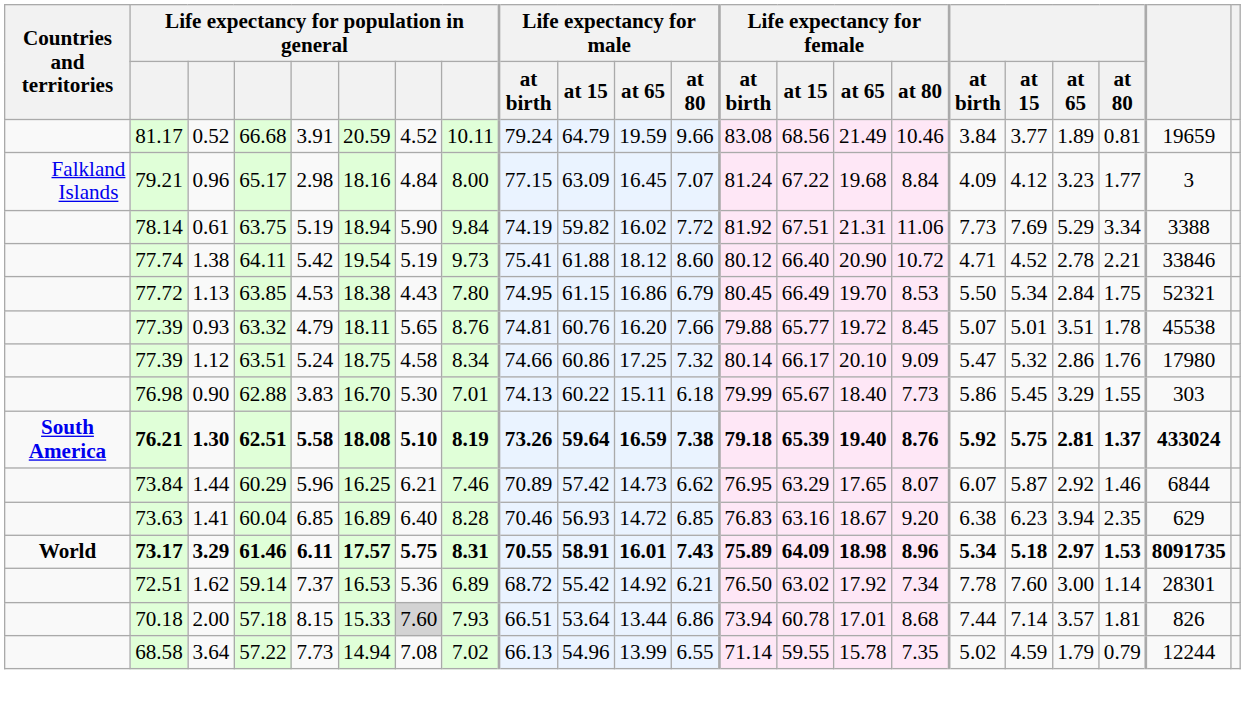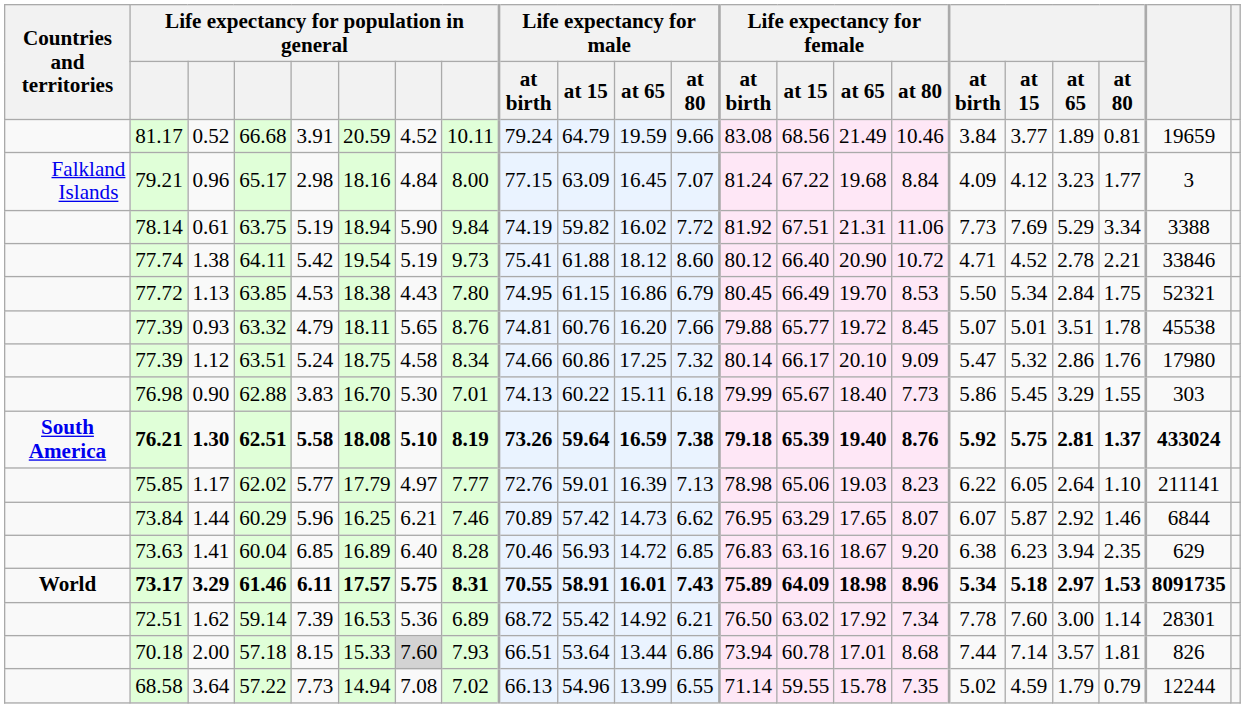 <table class="wikitable sortable mw-datatable static-row-numbers sort-under col1left col21right" style="text-align:center;">
 <tr>
 <th rowspan=2 style="vertical-align:middle;">Countries and<br>territories</th>
 <th colspan=7>Life expectancy for population in general</th>
 <th colspan=4 style="border-left-width:2px;">Life expectancy for male</th>
 <th colspan=4 style="border-left-width:2px;">Life expectancy for female</th>
 <th colspan=4 style="border-left-width:2px;"></th>
 <th rowspan=2 style="border-left-width:2px; text-align:middle;"></th>
 <th rowspan=2></th>
 </tr>
 <tr>
 <th style="vertical-align:middle;"></th>
 <th></th>
 <th style="vertical-align:middle;"></th>
 <th></th>
 <th style="vertical-align:middle;"></th>
 <th></th>
 <th style="vertical-align:middle;"></th>
 <th style="vertical-align:middle;border-left-width:2px;">at birth</th>
 <th style="vertical-align:middle;">at 15</th>
 <th style="vertical-align:middle;">at 65</th>
 <th style="vertical-align:middle;">at 80</th>
 <th style="vertical-align:middle;border-left-width:2px;">at birth</th>
 <th style="vertical-align:middle;">at 15</th>
 <th style="vertical-align:middle;">at 65</th>
 <th style="vertical-align:middle;">at 80</th>
 <th style="vertical-align:middle;border-left-width:2px;">at birth</th>
 <th style="vertical-align:middle;">at 15</th>
 <th style="vertical-align:middle;">at 65</th>
 <th style="vertical-align:middle;">at 80</th>
 </tr>
 <tr>
 <td></td>
 <td style="background:#e0ffd8;">81.17</td>
 <td>0.52</td>
 <td style="background:#e0ffd8;">66.68</td>
 <td>3.91</td>
 <td style="background:#e0ffd8;">20.59</td>
 <td>4.52</td>
 <td style="background:#e0ffd8;">10.11</td>
 <td style="background:#eaf3ff;border-left-width:2px;">79.24</td>
 <td style="background:#eaf3ff;">64.79</td>
 <td style="background:#eaf3ff;">19.59</td>
 <td style="background:#eaf3ff;">9.66</td>
 <td style="background:#fee7f6;border-left-width:2px;">83.08</td>
 <td style="background:#fee7f6;">68.56</td>
 <td style="background:#fee7f6;">21.49</td>
 <td style="background:#fee7f6;">10.46</td>
 <td style="border-left-width:2px;">3.84</td>
 <td>3.77</td>
 <td>1.89</td>
 <td>0.81</td>
 <td style="border-left-width:2px;">19659</td>
 <td></td>
 </tr>
 <tr>
 <td style="padding-left:35px;"><a href='#'>Falkland Islands</a></td>
 <td style="background:#e0ffd8;">79.21</td>
 <td>0.96</td>
 <td style="background:#e0ffd8;">65.17</td>
 <td>2.98</td>
 <td style="background:#e0ffd8;">18.16</td>
 <td>4.84</td>
 <td style="background:#e0ffd8;">8.00</td>
 <td style="background:#eaf3ff;border-left-width:2px;">77.15</td>
 <td style="background:#eaf3ff;">63.09</td>
 <td style="background:#eaf3ff;">16.45</td>
 <td style="background:#eaf3ff;">7.07</td>
 <td style="background:#fee7f6;border-left-width:2px;">81.24</td>
 <td style="background:#fee7f6;">67.22</td>
 <td style="background:#fee7f6;">19.68</td>
 <td style="background:#fee7f6;">8.84</td>
 <td style="border-left-width:2px;">4.09</td>
 <td>4.12</td>
 <td>3.23</td>
 <td>1.77</td>
 <td style="border-left-width:2px;">3</td>
 <td></td>
 </tr>
 <tr>
 <td></td>
 <td style="background:#e0ffd8;">78.14</td>
 <td>0.61</td>
 <td style="background:#e0ffd8;">63.75</td>
 <td>5.19</td>
 <td style="background:#e0ffd8;">18.94</td>
 <td>5.90</td>
 <td style="background:#e0ffd8;">9.84</td>
 <td style="background:#eaf3ff;border-left-width:2px;">74.19</td>
 <td style="background:#eaf3ff;">59.82</td>
 <td style="background:#eaf3ff;">16.02</td>
 <td style="background:#eaf3ff;">7.72</td>
 <td style="background:#fee7f6;border-left-width:2px;">81.92</td>
 <td style="background:#fee7f6;">67.51</td>
 <td style="background:#fee7f6;">21.31</td>
 <td style="background:#fee7f6;">11.06</td>
 <td style="border-left-width:2px;">7.73</td>
 <td>7.69</td>
 <td>5.29</td>
 <td>3.34</td>
 <td style="border-left-width:2px;">3388</td>
 <td></td>
 </tr>
 <tr>
 <td></td>
 <td style="background:#e0ffd8;">77.74</td>
 <td>1.38</td>
 <td style="background:#e0ffd8;">64.11</td>
 <td>5.42</td>
 <td style="background:#e0ffd8;">19.54</td>
 <td>5.19</td>
 <td style="background:#e0ffd8;">9.73</td>
 <td style="background:#eaf3ff;border-left-width:2px;">75.41</td>
 <td style="background:#eaf3ff;">61.88</td>
 <td style="background:#eaf3ff;">18.12</td>
 <td style="background:#eaf3ff;">8.60</td>
 <td style="background:#fee7f6;border-left-width:2px;">80.12</td>
 <td style="background:#fee7f6;">66.40</td>
 <td style="background:#fee7f6;">20.90</td>
 <td style="background:#fee7f6;">10.72</td>
 <td style="border-left-width:2px;">4.71</td>
 <td>4.52</td>
 <td>2.78</td>
 <td>2.21</td>
 <td style="border-left-width:2px;">33846</td>
 <td></td>
 </tr>
 <tr>
 <td></td>
 <td style="background:#e0ffd8;">77.72</td>
 <td>1.13</td>
 <td style="background:#e0ffd8;">63.85</td>
 <td>4.53</td>
 <td style="background:#e0ffd8;">18.38</td>
 <td>4.43</td>
 <td style="background:#e0ffd8;">7.80</td>
 <td style="background:#eaf3ff;border-left-width:2px;">74.95</td>
 <td style="background:#eaf3ff;">61.15</td>
 <td style="background:#eaf3ff;">16.86</td>
 <td style="background:#eaf3ff;">6.79</td>
 <td style="background:#fee7f6;border-left-width:2px;">80.45</td>
 <td style="background:#fee7f6;">66.49</td>
 <td style="background:#fee7f6;">19.70</td>
 <td style="background:#fee7f6;">8.53</td>
 <td style="border-left-width:2px;">5.50</td>
 <td>5.34</td>
 <td>2.84</td>
 <td>1.75</td>
 <td style="border-left-width:2px;">52321</td>
 <td></td>
 </tr>
 <tr>
 <td></td>
 <td style="background:#e0ffd8;">77.39</td>
 <td>0.93</td>
 <td style="background:#e0ffd8;">63.32</td>
 <td>4.79</td>
 <td style="background:#e0ffd8;">18.11</td>
 <td>5.65</td>
 <td style="background:#e0ffd8;">8.76</td>
 <td style="background:#eaf3ff;border-left-width:2px;">74.81</td>
 <td style="background:#eaf3ff;">60.76</td>
 <td style="background:#eaf3ff;">16.20</td>
 <td style="background:#eaf3ff;">7.66</td>
 <td style="background:#fee7f6;border-left-width:2px;">79.88</td>
 <td style="background:#fee7f6;">65.77</td>
 <td style="background:#fee7f6;">19.72</td>
 <td style="background:#fee7f6;">8.45</td>
 <td style="border-left-width:2px;">5.07</td>
 <td>5.01</td>
 <td>3.51</td>
 <td>1.78</td>
 <td style="border-left-width:2px;">45538</td>
 <td></td>
 </tr>
 <tr>
 <td></td>
 <td style="background:#e0ffd8;">77.39</td>
 <td>1.12</td>
 <td style="background:#e0ffd8;">63.51</td>
 <td>5.24</td>
 <td style="background:#e0ffd8;">18.75</td>
 <td>4.58</td>
 <td style="background:#e0ffd8;">8.34</td>
 <td style="background:#eaf3ff;border-left-width:2px;">74.66</td>
 <td style="background:#eaf3ff;">60.86</td>
 <td style="background:#eaf3ff;">17.25</td>
 <td style="background:#eaf3ff;">7.32</td>
 <td style="background:#fee7f6;border-left-width:2px;">80.14</td>
 <td style="background:#fee7f6;">66.17</td>
 <td style="background:#fee7f6;">20.10</td>
 <td style="background:#fee7f6;">9.09</td>
 <td style="border-left-width:2px;">5.47</td>
 <td>5.32</td>
 <td>2.86</td>
 <td>1.76</td>
 <td style="border-left-width:2px;">17980</td>
 <td></td>
 </tr>
 <tr>
 <td></td>
 <td style="background:#e0ffd8;">76.98</td>
 <td>0.90</td>
 <td style="background:#e0ffd8;">62.88</td>
 <td>3.83</td>
 <td style="background:#e0ffd8;">16.70</td>
 <td>5.30</td>
 <td style="background:#e0ffd8;">7.01</td>
 <td style="background:#eaf3ff;border-left-width:2px;">74.13</td>
 <td style="background:#eaf3ff;">60.22</td>
 <td style="background:#eaf3ff;">15.11</td>
 <td style="background:#eaf3ff;">6.18</td>
 <td style="background:#fee7f6;border-left-width:2px;">79.99</td>
 <td style="background:#fee7f6;">65.67</td>
 <td style="background:#fee7f6;">18.40</td>
 <td style="background:#fee7f6;">7.73</td>
 <td style="border-left-width:2px;">5.86</td>
 <td>5.45</td>
 <td>3.29</td>
 <td>1.55</td>
 <td style="border-left-width:2px;">303</td>
 <td></td>
 </tr>
 <tr class=static-row-header>
 <td><strong><a href='#'>South America</a></strong></td>
 <td style="background:#e0ffd8;"><strong>76.21</strong></td>
 <td><strong>1.30</strong></td>
 <td style="background:#e0ffd8;"><strong>62.51</strong></td>
 <td><strong>5.58</strong></td>
 <td style="background:#e0ffd8;"><strong>18.08</strong></td>
 <td><strong>5.10</strong></td>
 <td style="background:#e0ffd8;"><strong>8.19</strong></td>
 <td style="background:#eaf3ff;border-left-width:2px;"><strong>73.26</strong></td>
 <td style="background:#eaf3ff;"><strong>59.64</strong></td>
 <td style="background:#eaf3ff;"><strong>16.59</strong></td>
 <td style="background:#eaf3ff;"><strong>7.38</strong></td>
 <td style="background:#fee7f6;border-left-width:2px;"><strong>79.18</strong></td>
 <td style="background:#fee7f6;"><strong>65.39</strong></td>
 <td style="background:#fee7f6;"><strong>19.40</strong></td>
 <td style="background:#fee7f6;"><strong>8.76</strong></td>
 <td style="border-left-width:2px;"><strong>5.92</strong></td>
 <td><strong>5.75</strong></td>
 <td><strong>2.81</strong></td>
 <td><strong>1.37</strong></td>
 <td style="border-left-width:2px;"><strong>433024</strong></td>
 <td></td>
 </tr>
 <tr>
 <td></td>
+<td style="background:#e0ffd8;">75.85</td>
+<td>1.17</td>
+<td style="background:#e0ffd8;">62.02</td>
+<td>5.77</td>
+<td style="background:#e0ffd8;">17.79</td>
+<td>4.97</td>
+<td style="background:#e0ffd8;">7.77</td>
+<td style="background:#eaf3ff;border-left-width:2px;">72.76</td>
+<td style="background:#eaf3ff;">59.01</td>
+<td style="background:#eaf3ff;">16.39</td>
+<td style="background:#eaf3ff;">7.13</td>
+<td style="background:#fee7f6;border-left-width:2px;">78.98</td>
+<td style="background:#fee7f6;">65.06</td>
+<td style="background:#fee7f6;">19.03</td>
+<td style="background:#fee7f6;">8.23</td>
+<td style="border-left-width:2px;">6.22</td>
+<td>6.05</td>
+<td>2.64</td>
+<td>1.10</td>
+<td style="border-left-width:2px;">211141</td>
+<td></td>
+</tr>
+<tr>
+<td></td>
 <td style="background:#e0ffd8;">73.84</td>
 <td>1.44</td>
 <td style="background:#e0ffd8;">60.29</td>
 <td>5.96</td>
 <td style="background:#e0ffd8;">16.25</td>
 <td>6.21</td>
 <td style="background:#e0ffd8;">7.46</td>
 <td style="background:#eaf3ff;border-left-width:2px;">70.89</td>
 <td style="background:#eaf3ff;">57.42</td>
 <td style="background:#eaf3ff;">14.73</td>
 <td style="background:#eaf3ff;">6.62</td>
 <td style="background:#fee7f6;border-left-width:2px;">76.95</td>
 <td style="background:#fee7f6;">63.29</td>
 <td style="background:#fee7f6;">17.65</td>
 <td style="background:#fee7f6;">8.07</td>
 <td style="border-left-width:2px;">6.07</td>
 <td>5.87</td>
 <td>2.92</td>
 <td>1.46</td>
 <td style="border-left-width:2px;">6844</td>
 <td></td>
 </tr>
 <tr>
 <td></td>
 <td style="background:#e0ffd8;">73.63</td>
 <td>1.41</td>
 <td style="background:#e0ffd8;">60.04</td>
 <td>6.85</td>
 <td style="background:#e0ffd8;">16.89</td>
 <td>6.40</td>
 <td style="background:#e0ffd8;">8.28</td>
 <td style="background:#eaf3ff;border-left-width:2px;">70.46</td>
 <td style="background:#eaf3ff;">56.93</td>
 <td style="background:#eaf3ff;">14.72</td>
 <td style="background:#eaf3ff;">6.85</td>
 <td style="background:#fee7f6;border-left-width:2px;">76.83</td>
 <td style="background:#fee7f6;">63.16</td>
 <td style="background:#fee7f6;">18.67</td>
 <td style="background:#fee7f6;">9.20</td>
 <td style="border-left-width:2px;">6.38</td>
 <td>6.23</td>
 <td>3.94</td>
 <td>2.35</td>
 <td style="border-left-width:2px;">629</td>
 <td></td>
 </tr>
 <tr class=static-row-header>
 <td><strong>World</strong></td>
 <td style="background:#e0ffd8;"><strong>73.17</strong></td>
 <td><strong>3.29</strong></td>
 <td style="background:#e0ffd8;"><strong>61.46</strong></td>
 <td><strong>6.11</strong></td>
 <td style="background:#e0ffd8;"><strong>17.57</strong></td>
 <td><strong>5.75</strong></td>
 <td style="background:#e0ffd8;"><strong>8.31</strong></td>
 <td style="background:#eaf3ff;border-left-width:2px;"><strong>70.55</strong></td>
 <td style="background:#eaf3ff;"><strong>58.91</strong></td>
 <td style="background:#eaf3ff;"><strong>16.01</strong></td>
 <td style="background:#eaf3ff;"><strong>7.43</strong></td>
 <td style="background:#fee7f6;border-left-width:2px;"><strong>75.89</strong></td>
 <td style="background:#fee7f6;"><strong>64.09</strong></td>
 <td style="background:#fee7f6;"><strong>18.98</strong></td>
 <td style="background:#fee7f6;"><strong>8.96</strong></td>
 <td style="border-left-width:2px;"><strong>5.34</strong></td>
 <td><strong>5.18</strong></td>
 <td><strong>2.97</strong></td>
 <td><strong>1.53</strong></td>
 <td style="border-left-width:2px;"><strong>8091735</strong></td>
 <td></td>
 </tr>
 <tr>
 <td></td>
 <td style="background:#e0ffd8;">72.51</td>
 <td>1.62</td>
 <td style="background:#e0ffd8;">59.14</td>
-<td>7.37</td>
+<td>7.39</td>
 <td style="background:#e0ffd8;">16.53</td>
 <td>5.36</td>
 <td style="background:#e0ffd8;">6.89</td>
 <td style="background:#eaf3ff;border-left-width:2px;">68.72</td>
 <td style="background:#eaf3ff;">55.42</td>
 <td style="background:#eaf3ff;">14.92</td>
 <td style="background:#eaf3ff;">6.21</td>
 <td style="background:#fee7f6;border-left-width:2px;">76.50</td>
 <td style="background:#fee7f6;">63.02</td>
 <td style="background:#fee7f6;">17.92</td>
 <td style="background:#fee7f6;">7.34</td>
 <td style="border-left-width:2px;">7.78</td>
 <td>7.60</td>
 <td>3.00</td>
 <td>1.14</td>
 <td style="border-left-width:2px;">28301</td>
 <td></td>
 </tr>
 <tr>
 <td></td>
 <td style="background:#e0ffd8;">70.18</td>
 <td>2.00</td>
 <td style="background:#e0ffd8;">57.18</td>
 <td>8.15</td>
 <td style="background:#e0ffd8;">15.33</td>
 <td style="background: lightgrey;">7.60</td>
 <td style="background:#e0ffd8;">7.93</td>
 <td style="background:#eaf3ff;border-left-width:2px;">66.51</td>
 <td style="background:#eaf3ff;">53.64</td>
 <td style="background:#eaf3ff;">13.44</td>
 <td style="background:#eaf3ff;">6.86</td>
 <td style="background:#fee7f6;border-left-width:2px;">73.94</td>
 <td style="background:#fee7f6;">60.78</td>
 <td style="background:#fee7f6;">17.01</td>
 <td style="background:#fee7f6;">8.68</td>
 <td style="border-left-width:2px;">7.44</td>
 <td>7.14</td>
 <td>3.57</td>
 <td>1.81</td>
 <td style="border-left-width:2px;">826</td>
 <td></td>
 </tr>
 <tr>
 <td></td>
 <td style="background:#e0ffd8;">68.58</td>
 <td>3.64</td>
 <td style="background:#e0ffd8;">57.22</td>
 <td>7.73</td>
 <td style="background:#e0ffd8;">14.94</td>
 <td>7.08</td>
 <td style="background:#e0ffd8;">7.02</td>
 <td style="background:#eaf3ff;border-left-width:2px;">66.13</td>
 <td style="background:#eaf3ff;">54.96</td>
 <td style="background:#eaf3ff;">13.99</td>
 <td style="background:#eaf3ff;">6.55</td>
 <td style="background:#fee7f6;border-left-width:2px;">71.14</td>
 <td style="background:#fee7f6;">59.55</td>
 <td style="background:#fee7f6;">15.78</td>
 <td style="background:#fee7f6;">7.35</td>
 <td style="border-left-width:2px;">5.02</td>
 <td>4.59</td>
 <td>1.79</td>
 <td>0.79</td>
 <td style="border-left-width:2px;">12244</td>
 <td></td>
 </tr>
 </table>
